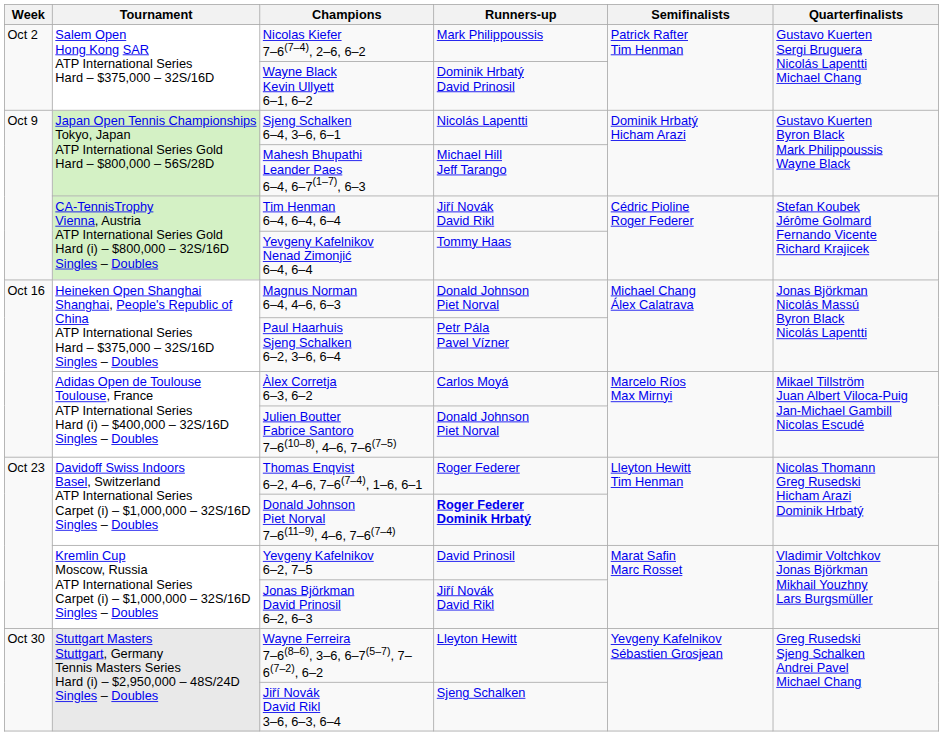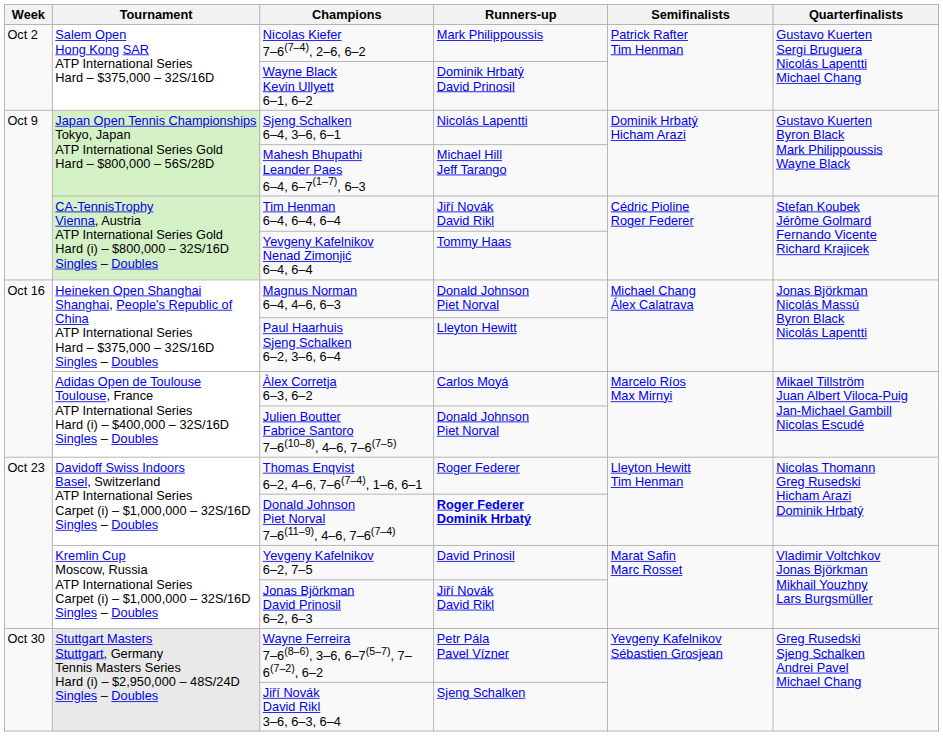 <table class=wikitable style=font-size:95%>
 <tr>
 <th style="width:50px;">Week</th>
 <th style="width:240px;">Tournament</th>
 <th style="width:200px;">Champions</th>
 <th style="width:200px;">Runners-up</th>
 <th style="width:190px;">Semifinalists</th>
 <th style="width:190px;">Quarterfinalists</th>
 </tr>
 <tr valign=top>
 <td rowspan=2>Oct 2</td>
 <td bgcolor=#ffffff rowspan=2><a href='#'>Salem Open</a><br> <a href='#'>Hong Kong</a> <a href='#'>SAR</a><br>ATP International Series<br>Hard – $375,000 – 32S/16D</td>
 <td> <a href='#'>Nicolas Kiefer</a><br>7–6<sup>(7–4)</sup>, 2–6, 6–2</td>
 <td> <a href='#'>Mark Philippoussis</a></td>
 <td rowspan=2> <a href='#'>Patrick Rafter</a><br> <a href='#'>Tim Henman</a></td>
 <td rowspan=2> <a href='#'>Gustavo Kuerten</a><br> <a href='#'>Sergi Bruguera</a><br> <a href='#'>Nicolás Lapentti</a><br> <a href='#'>Michael Chang</a></td>
 </tr>
 <tr valign=top>
 <td> <a href='#'>Wayne Black</a><br> <a href='#'>Kevin Ullyett</a><br>6–1, 6–2</td>
 <td> <a href='#'>Dominik Hrbatý</a><br> <a href='#'>David Prinosil</a></td>
 </tr>
 <tr valign=top>
 <td rowspan=4>Oct 9</td>
 <td style="background:#d4f1c5;"  rowspan=2><a href='#'>Japan Open Tennis Championships</a><br> Tokyo, Japan<br>ATP International Series Gold<br>Hard – $800,000 – 56S/28D</td>
 <td> <a href='#'>Sjeng Schalken</a><br>6–4, 3–6, 6–1</td>
 <td> <a href='#'>Nicolás Lapentti</a></td>
 <td rowspan=2> <a href='#'>Dominik Hrbatý</a><br> <a href='#'>Hicham Arazi</a></td>
 <td rowspan=2> <a href='#'>Gustavo Kuerten</a><br> <a href='#'>Byron Black</a><br> <a href='#'>Mark Philippoussis</a><br> <a href='#'>Wayne Black</a></td>
 </tr>
 <tr valign=top>
 <td> <a href='#'>Mahesh Bhupathi</a><br> <a href='#'>Leander Paes</a><br>6–4, 6–7<sup>(1–7)</sup>, 6–3</td>
 <td> <a href='#'>Michael Hill</a><br> <a href='#'>Jeff Tarango</a></td>
 </tr>
 <tr valign=top>
 <td style="background:#d4f1c5;"  rowspan=2><a href='#'>CA-TennisTrophy</a><br> <a href='#'>Vienna</a>, Austria<br>ATP International Series Gold<br>Hard (i) – $800,000 – 32S/16D<br><a href='#'>Singles</a> – <a href='#'>Doubles</a></td>
 <td> <a href='#'>Tim Henman</a><br>6–4, 6–4, 6–4</td>
 <td> <a href='#'>Jiří Novák</a><br> <a href='#'>David Rikl</a></td>
 <td rowspan=2> <a href='#'>Cédric Pioline</a><br> <a href='#'>Roger Federer</a></td>
 <td rowspan=2> <a href='#'>Stefan Koubek</a><br> <a href='#'>Jérôme Golmard</a><br> <a href='#'>Fernando Vicente</a><br> <a href='#'>Richard Krajicek</a></td>
 </tr>
 <tr valign=top>
 <td> <a href='#'>Yevgeny Kafelnikov</a><br> <a href='#'>Nenad Zimonjić</a><br>6–4, 6–4</td>
 <td> <a href='#'>Tommy Haas</a></td>
 </tr>
 <tr valign=top>
 <td rowspan=4>Oct 16</td>
 <td bgcolor=#ffffff rowspan=2><a href='#'>Heineken Open Shanghai</a><br> <a href='#'>Shanghai</a>, <a href='#'>People's Republic of China</a><br>ATP International Series<br>Hard – $375,000 – 32S/16D<br><a href='#'>Singles</a> – <a href='#'>Doubles</a></td>
 <td> <a href='#'>Magnus Norman</a><br>6–4, 4–6, 6–3</td>
 <td> <a href='#'>Donald Johnson</a><br> <a href='#'>Piet Norval</a></td>
 <td rowspan=2> <a href='#'>Michael Chang</a><br> <a href='#'>Álex Calatrava</a></td>
 <td rowspan=2> <a href='#'>Jonas Björkman</a><br> <a href='#'>Nicolás Massú</a><br> <a href='#'>Byron Black</a><br> <a href='#'>Nicolás Lapentti</a></td>
 </tr>
 <tr valign=top>
 <td> <a href='#'>Paul Haarhuis</a><br> <a href='#'>Sjeng Schalken</a><br>6–2, 3–6, 6–4</td>
-<td> <a href='#'>Petr Pála</a><br> <a href='#'>Pavel Vízner</a></td>
+<td> <a href='#'>Lleyton Hewitt</a></td>
 </tr>
 <tr valign=top>
 <td bgcolor=#ffffff rowspan=2><a href='#'>Adidas Open de Toulouse</a><br> <a href='#'>Toulouse</a>, France<br>ATP International Series<br>Hard (i) – $400,000 – 32S/16D<br><a href='#'>Singles</a> – <a href='#'>Doubles</a></td>
 <td> <a href='#'>Àlex Corretja</a><br>6–3, 6–2</td>
 <td> <a href='#'>Carlos Moyá</a></td>
 <td rowspan=2> <a href='#'>Marcelo Ríos</a><br> <a href='#'>Max Mirnyi</a></td>
 <td rowspan=2> <a href='#'>Mikael Tillström</a><br> <a href='#'>Juan Albert Viloca-Puig</a><br> <a href='#'>Jan-Michael Gambill</a><br> <a href='#'>Nicolas Escudé</a></td>
 </tr>
 <tr valign=top>
 <td> <a href='#'>Julien Boutter</a><br> <a href='#'>Fabrice Santoro</a><br>7–6<sup>(10–8)</sup>, 4–6, 7–6<sup>(7–5)</sup></td>
 <td> <a href='#'>Donald Johnson</a><br> <a href='#'>Piet Norval</a></td>
 </tr>
 <tr valign=top>
 <td rowspan=4>Oct 23</td>
 <td bgcolor=#ffffff rowspan=2><a href='#'>Davidoff Swiss Indoors</a><br> <a href='#'>Basel</a>, Switzerland<br>ATP International Series<br>Carpet (i) – $1,000,000 – 32S/16D<br><a href='#'>Singles</a> – <a href='#'>Doubles</a></td>
 <td> <a href='#'>Thomas Enqvist</a><br>6–2, 4–6, 7–6<sup>(7–4)</sup>, 1–6, 6–1</td>
 <td> <a href='#'>Roger Federer</a></td>
 <td rowspan=2> <a href='#'>Lleyton Hewitt</a><br> <a href='#'>Tim Henman</a></td>
 <td rowspan=2> <a href='#'>Nicolas Thomann</a><br> <a href='#'>Greg Rusedski</a><br> <a href='#'>Hicham Arazi</a><br> <a href='#'>Dominik Hrbatý</a></td>
 </tr>
 <tr valign=top>
 <td> <a href='#'>Donald Johnson</a><br> <a href='#'>Piet Norval</a><br>7–6<sup>(11–9)</sup>, 4–6, 7–6<sup>(7–4)</sup></td>
 <td><strong> <a href='#'>Roger Federer</a><br> <a href='#'>Dominik Hrbatý</a></strong></td>
 </tr>
 <tr valign=top>
 <td bgcolor=#ffffff rowspan=2><a href='#'>Kremlin Cup</a><br> Moscow, Russia<br>ATP International Series<br>Carpet (i) – $1,000,000 – 32S/16D<br><a href='#'>Singles</a> – <a href='#'>Doubles</a></td>
 <td> <a href='#'>Yevgeny Kafelnikov</a><br>6–2, 7–5</td>
 <td> <a href='#'>David Prinosil</a></td>
 <td rowspan=2> <a href='#'>Marat Safin</a><br> <a href='#'>Marc Rosset</a></td>
 <td rowspan=2> <a href='#'>Vladimir Voltchkov</a><br> <a href='#'>Jonas Björkman</a><br> <a href='#'>Mikhail Youzhny</a><br> <a href='#'>Lars Burgsmüller</a></td>
 </tr>
 <tr valign=top>
 <td> <a href='#'>Jonas Björkman</a><br> <a href='#'>David Prinosil</a><br>6–2, 6–3</td>
 <td> <a href='#'>Jiří Novák</a><br> <a href='#'>David Rikl</a></td>
 </tr>
 <tr valign=top>
 <td rowspan=2>Oct 30</td>
 <td style="background:#e9e9e9;" rowspan=2><a href='#'>Stuttgart Masters</a><br> <a href='#'>Stuttgart</a>, Germany<br>Tennis Masters Series<br>Hard (i) – $2,950,000 – 48S/24D<br><a href='#'>Singles</a> – <a href='#'>Doubles</a></td>
 <td> <a href='#'>Wayne Ferreira</a><br>7–6<sup>(8–6)</sup>, 3–6, 6–7<sup>(5–7)</sup>, 7–6<sup>(7–2)</sup>, 6–2</td>
-<td> <a href='#'>Lleyton Hewitt</a></td>
+<td> <a href='#'>Petr Pála</a><br> <a href='#'>Pavel Vízner</a></td>
 <td rowspan=2> <a href='#'>Yevgeny Kafelnikov</a><br> <a href='#'>Sébastien Grosjean</a></td>
 <td rowspan=2> <a href='#'>Greg Rusedski</a><br> <a href='#'>Sjeng Schalken</a><br> <a href='#'>Andrei Pavel</a><br> <a href='#'>Michael Chang</a></td>
 </tr>
 <tr valign=top>
 <td> <a href='#'>Jiří Novák</a><br> <a href='#'>David Rikl</a><br>3–6, 6–3, 6–4</td>
 <td> <a href='#'>Sjeng Schalken</a></td>
 </tr>
 </table>
